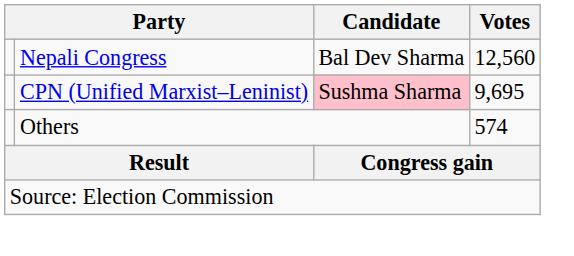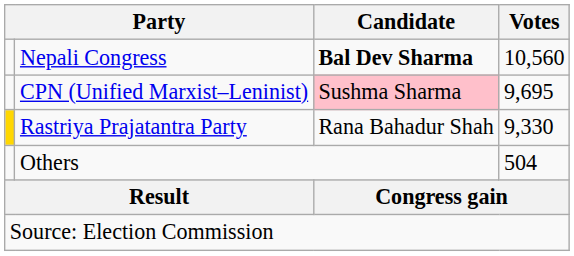 <table class="wikitable">
 <tr>
 <th colspan="2">Party</th>
 <th>Candidate</th>
 <th>Votes</th>
 </tr>
 <tr>
 <td style="background-color:"></td>
 <td><a href='#'>Nepali Congress</a></td>
-<td>Bal Dev Sharma</td>
-<td>12,560</td>
+<td><strong>Bal Dev Sharma</strong></td>
+<td>10,560</td>
 </tr>
 <tr>
 <td style="background-color:"></td>
 <td><a href='#'>CPN (Unified Marxist–Leninist)</a></td>
 <td style="background: pink;">Sushma Sharma</td>
 <td>9,695</td>
 </tr>
 <tr>
+<td style="background-color:gold"></td>
+<td><a href='#'>Rastriya Prajatantra Party</a></td>
+<td>Rana Bahadur Shah</td>
+<td>9,330</td>
+</tr>
+<tr>
 <td></td>
 <td colspan="2">Others</td>
-<td>574</td>
+<td>504</td>
 </tr>
 <tr>
 <th colspan="2">Result</th>
 <th colspan="2">Congress gain</th>
 </tr>
 <tr>
 <td colspan="4">Source: Election Commission</td>
 </tr>
 </table>
